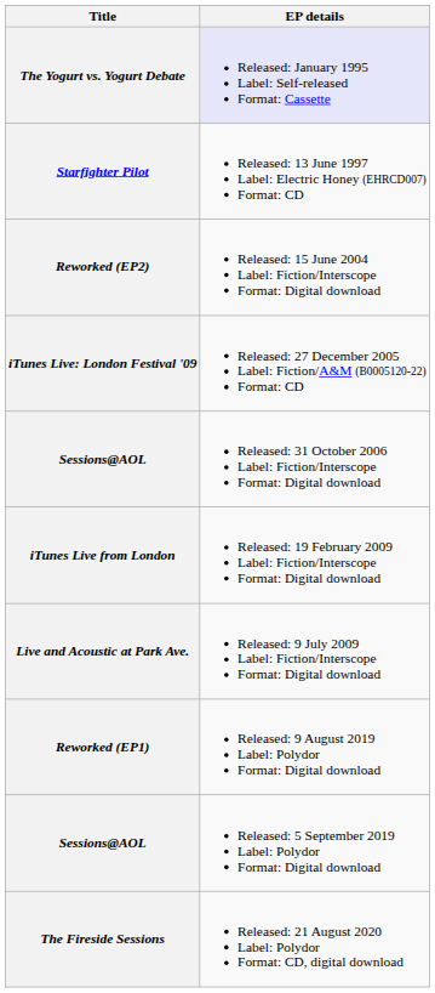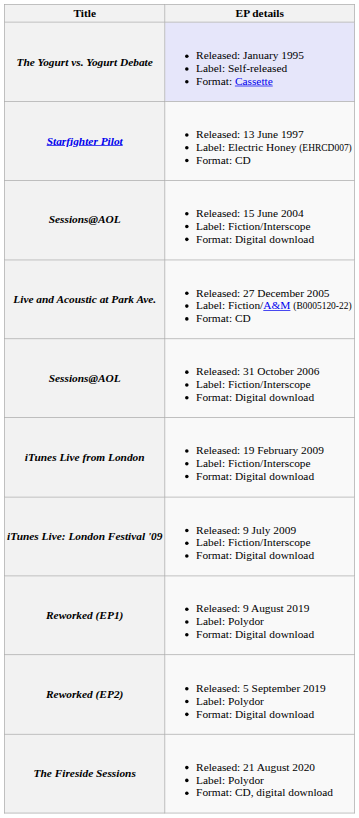 <table class="wikitable plainrowheaders">
 <tr>
 <th scope="col">Title</th>
 <th scope="col">EP details</th>
 </tr>
 <tr>
 <th scope="row"><em>The Yogurt vs. Yogurt Debate</em></th>
 <td style="background: lavender;"><br><ul><li>Released: January 1995</li><li>Label: Self-released</li><li>Format: <a href='#'>Cassette</a></li></ul></td>
 </tr>
 <tr>
 <th scope="row"><em><a href='#'>Starfighter Pilot</a></em></th>
 <td><br><ul><li>Released: 13 June 1997</li><li>Label: Electric Honey <small>(EHRCD007)</small></li><li>Format: CD</li></ul></td>
 </tr>
 <tr>
-<th scope="row"><em>Reworked (EP2)</em></th>
+<th scope="row"><em>Sessions@AOL</em></th>
 <td><br><ul><li>Released: 15 June 2004</li><li>Label: Fiction/Interscope</li><li>Format: Digital download</li></ul></td>
 </tr>
 <tr>
-<th scope="row"><em>iTunes Live: London Festival '09</em></th>
+<th scope="row"><em>Live and Acoustic at Park Ave.</em></th>
 <td><br><ul><li>Released: 27 December 2005</li><li>Label: Fiction/<a href='#'>A&M</a> <small>(B0005120-22)</small></li><li>Format: CD</li></ul></td>
 </tr>
 <tr>
 <th scope="row"><em>Sessions@AOL</em></th>
 <td><br><ul><li>Released: 31 October 2006</li><li>Label: Fiction/Interscope</li><li>Format: Digital download</li></ul></td>
 </tr>
 <tr>
 <th scope="row"><em>iTunes Live from London</em></th>
 <td><br><ul><li>Released: 19 February 2009</li><li>Label: Fiction/Interscope</li><li>Format: Digital download</li></ul></td>
 </tr>
 <tr>
-<th scope="row"><em>Live and Acoustic at Park Ave.</em></th>
+<th scope="row"><em>iTunes Live: London Festival '09</em></th>
 <td><br><ul><li>Released: 9 July 2009</li><li>Label: Fiction/Interscope</li><li>Format: Digital download</li></ul></td>
 </tr>
 <tr>
 <th scope="row"><em>Reworked (EP1)</em></th>
 <td><br><ul><li>Released: 9 August 2019</li><li>Label: Polydor</li><li>Format: Digital download</li></ul></td>
 </tr>
 <tr>
-<th scope="row"><em>Sessions@AOL</em></th>
+<th scope="row"><em>Reworked (EP2)</em></th>
 <td><br><ul><li>Released: 5 September 2019</li><li>Label: Polydor</li><li>Format: Digital download</li></ul></td>
 </tr>
 <tr>
 <th scope="row"><em>The Fireside Sessions</em></th>
 <td><br><ul><li>Released: 21 August 2020</li><li>Label: Polydor</li><li>Format: CD, digital download</li></ul></td>
 </tr>
 </table>
